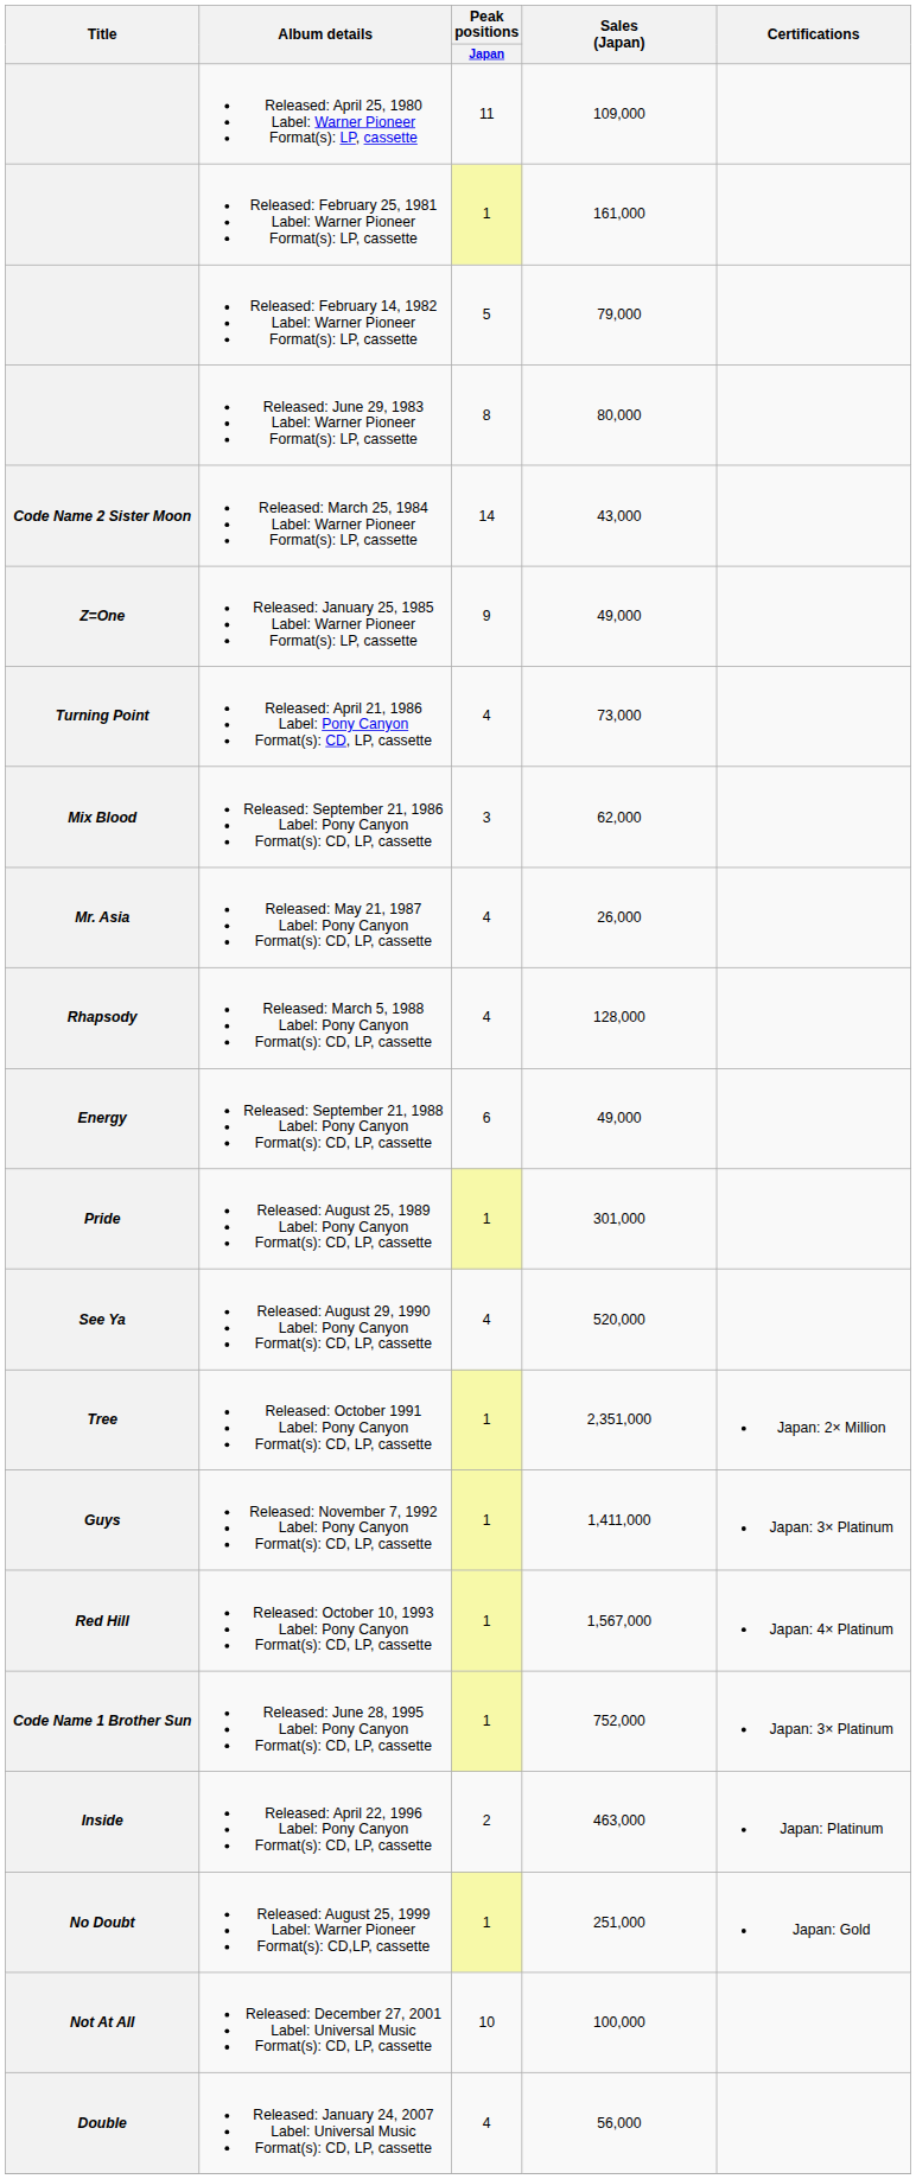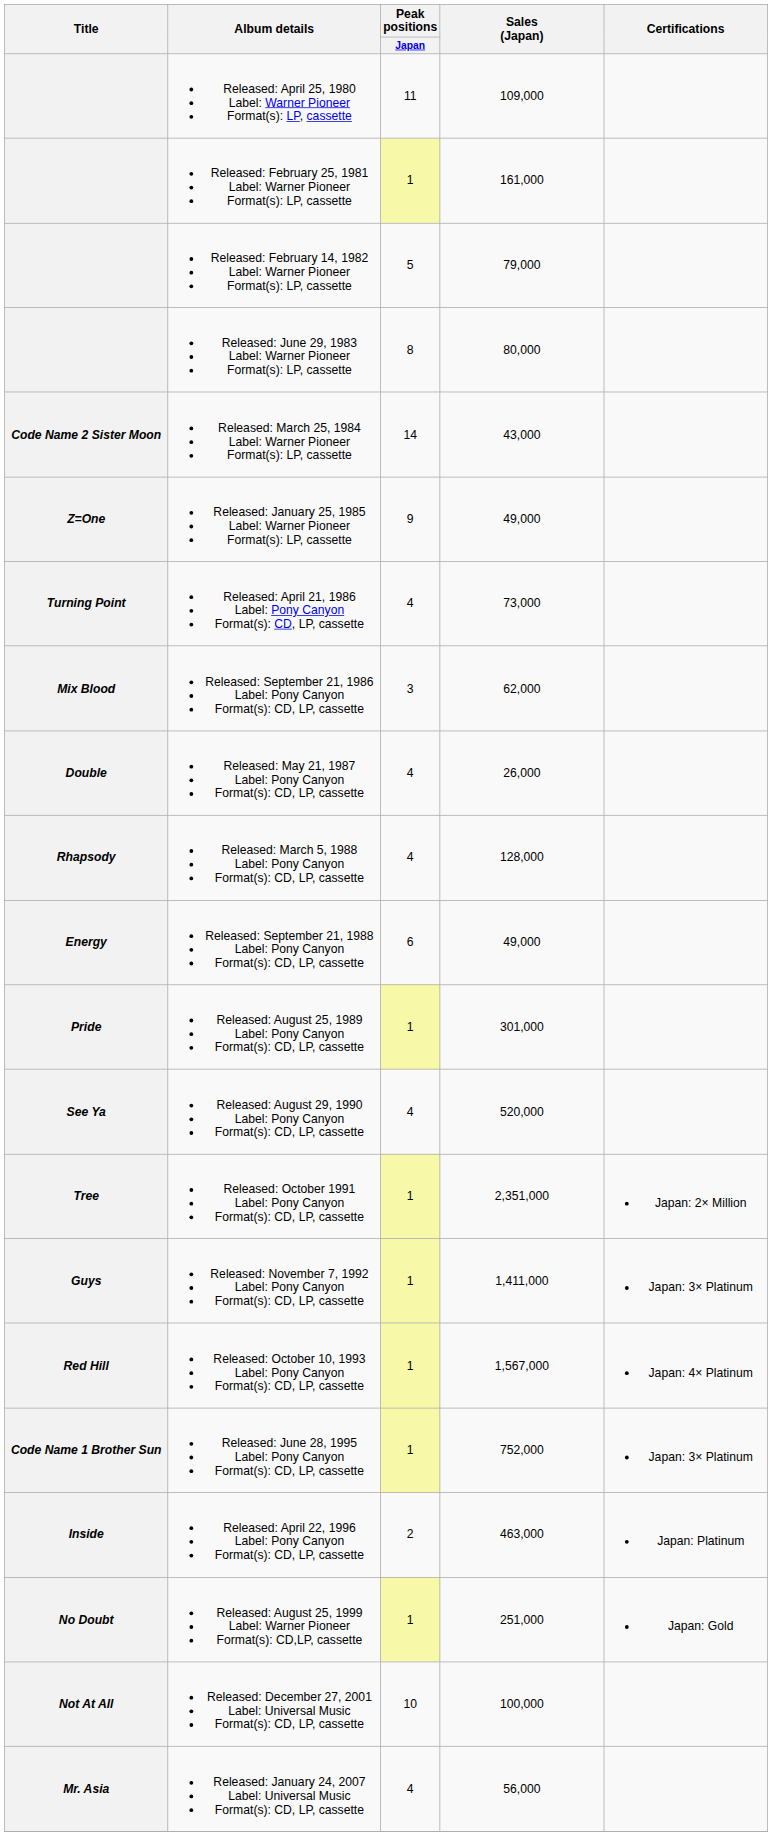 <table class="wikitable plainrowheaders" style="text-align:center;">
 <tr>
 <th style="width:13em;" rowspan="2">Title</th>
 <th style="width:17em;" rowspan="2">Album details</th>
 <th colspan="1">Peak positions</th>
 <th style="width:13em;" rowspan="2">Sales<br>(Japan)<br></th>
 <th style="width:13em;" rowspan="2">Certifications</th>
 </tr>
 <tr>
 <th style="width:3em;font-size:85%"><a href='#'>Japan</a><br></th>
 </tr>
 <tr>
 <th scope="row"></th>
 <td><br><ul><li>Released: April 25, 1980</li><li>Label: <a href='#'>Warner Pioneer</a></li><li>Format(s): <a href='#'>LP</a>, <a href='#'>cassette</a></li></ul></td>
 <td>11</td>
 <td>109,000</td>
 <td></td>
 </tr>
 <tr>
 <th scope="row"></th>
 <td><br><ul><li>Released: February 25, 1981</li><li>Label: Warner Pioneer</li><li>Format(s): LP, cassette</li></ul></td>
 <td style="background:#f7f9a8;">1</td>
 <td>161,000</td>
 <td></td>
 </tr>
 <tr>
 <th scope="row"></th>
 <td><br><ul><li>Released: February 14, 1982</li><li>Label: Warner Pioneer</li><li>Format(s): LP, cassette</li></ul></td>
 <td>5</td>
 <td>79,000</td>
 <td></td>
 </tr>
 <tr>
 <th scope="row"></th>
 <td><br><ul><li>Released: June 29, 1983</li><li>Label: Warner Pioneer</li><li>Format(s): LP, cassette</li></ul></td>
 <td>8</td>
 <td>80,000</td>
 <td></td>
 </tr>
 <tr>
 <th scope="row"><em>Code Name 2 Sister Moon</em></th>
 <td><br><ul><li>Released: March 25, 1984</li><li>Label: Warner Pioneer</li><li>Format(s): LP, cassette</li></ul></td>
 <td>14</td>
 <td>43,000</td>
 <td></td>
 </tr>
 <tr>
 <th scope="row"><em>Z=One</em></th>
 <td><br><ul><li>Released: January 25, 1985</li><li>Label: Warner Pioneer</li><li>Format(s): LP, cassette</li></ul></td>
 <td>9</td>
 <td>49,000</td>
 <td></td>
 </tr>
 <tr>
 <th scope="row"><em>Turning Point</em></th>
 <td><br><ul><li>Released: April 21, 1986</li><li>Label: <a href='#'>Pony Canyon</a></li><li>Format(s): <a href='#'>CD</a>, LP, cassette</li></ul></td>
 <td>4</td>
 <td>73,000</td>
 <td></td>
 </tr>
 <tr>
 <th scope="row"><em>Mix Blood</em></th>
 <td><br><ul><li>Released: September 21, 1986</li><li>Label: Pony Canyon</li><li>Format(s): CD, LP, cassette</li></ul></td>
 <td>3</td>
 <td>62,000</td>
 <td></td>
 </tr>
 <tr>
-<th scope="row"><em>Mr. Asia</em></th>
+<th scope="row"><em>Double</em></th>
 <td><br><ul><li>Released: May 21, 1987</li><li>Label: Pony Canyon</li><li>Format(s): CD, LP, cassette</li></ul></td>
 <td>4</td>
 <td>26,000</td>
 <td></td>
 </tr>
 <tr>
 <th scope="row"><em>Rhapsody</em></th>
 <td><br><ul><li>Released: March 5, 1988</li><li>Label: Pony Canyon</li><li>Format(s): CD, LP, cassette</li></ul></td>
 <td>4</td>
 <td>128,000</td>
 <td></td>
 </tr>
 <tr>
 <th scope="row"><em>Energy</em></th>
 <td><br><ul><li>Released: September 21, 1988</li><li>Label: Pony Canyon</li><li>Format(s): CD, LP, cassette</li></ul></td>
 <td>6</td>
 <td>49,000</td>
 <td></td>
 </tr>
 <tr>
 <th scope="row"><em>Pride</em></th>
 <td><br><ul><li>Released: August 25, 1989</li><li>Label: Pony Canyon</li><li>Format(s): CD, LP, cassette</li></ul></td>
 <td style="background:#f7f9a8;">1</td>
 <td>301,000</td>
 <td></td>
 </tr>
 <tr>
 <th scope="row"><em>See Ya</em></th>
 <td><br><ul><li>Released: August 29, 1990</li><li>Label: Pony Canyon</li><li>Format(s): CD, LP, cassette</li></ul></td>
 <td>4</td>
 <td>520,000</td>
 <td></td>
 </tr>
 <tr>
 <th scope="row"><em>Tree</em></th>
 <td><br><ul><li>Released: October 1991</li><li>Label: Pony Canyon</li><li>Format(s): CD, LP, cassette</li></ul></td>
 <td style="background:#f7f9a8;">1</td>
 <td>2,351,000</td>
 <td><br><ul><li>Japan: 2× Million</li></ul></td>
 </tr>
 <tr>
 <th scope="row"><em>Guys</em></th>
 <td><br><ul><li>Released: November 7, 1992</li><li>Label: Pony Canyon</li><li>Format(s): CD, LP, cassette</li></ul></td>
 <td style="background:#f7f9a8;">1</td>
 <td>1,411,000</td>
 <td><br><ul><li>Japan: 3× Platinum</li></ul></td>
 </tr>
 <tr>
 <th scope="row"><em>Red Hill</em></th>
 <td><br><ul><li>Released: October 10, 1993</li><li>Label: Pony Canyon</li><li>Format(s): CD, LP, cassette</li></ul></td>
 <td style="background:#f7f9a8;">1</td>
 <td>1,567,000</td>
 <td><br><ul><li>Japan: 4× Platinum</li></ul></td>
 </tr>
 <tr>
 <th scope="row"><em>Code Name 1 Brother Sun</em></th>
 <td><br><ul><li>Released: June 28, 1995</li><li>Label: Pony Canyon</li><li>Format(s): CD, LP, cassette</li></ul></td>
 <td style="background:#f7f9a8;">1</td>
 <td>752,000</td>
 <td><br><ul><li>Japan: 3× Platinum</li></ul></td>
 </tr>
 <tr>
 <th scope="row"><em>Inside</em></th>
 <td><br><ul><li>Released: April 22, 1996</li><li>Label: Pony Canyon</li><li>Format(s): CD, LP, cassette</li></ul></td>
 <td>2</td>
 <td>463,000</td>
 <td><br><ul><li>Japan: Platinum</li></ul></td>
 </tr>
 <tr>
 <th scope="row"><em>No Doubt</em></th>
 <td><br><ul><li>Released: August 25, 1999</li><li>Label: Warner Pioneer</li><li>Format(s): CD,LP, cassette</li></ul></td>
 <td style="background:#f7f9a8;">1</td>
 <td>251,000</td>
 <td><br><ul><li>Japan: Gold</li></ul></td>
 </tr>
 <tr>
 <th scope="row"><em>Not At All</em></th>
 <td><br><ul><li>Released: December 27, 2001</li><li>Label: Universal Music</li><li>Format(s): CD, LP, cassette</li></ul></td>
 <td>10</td>
 <td>100,000</td>
 <td></td>
 </tr>
 <tr>
-<th scope="row"><em>Double</em></th>
+<th scope="row"><em>Mr. Asia</em></th>
 <td><br><ul><li>Released: January 24, 2007</li><li>Label: Universal Music</li><li>Format(s): CD, LP, cassette</li></ul></td>
 <td>4</td>
 <td>56,000</td>
 <td></td>
 </tr>
 <tr>
 </tr>
 </table>
